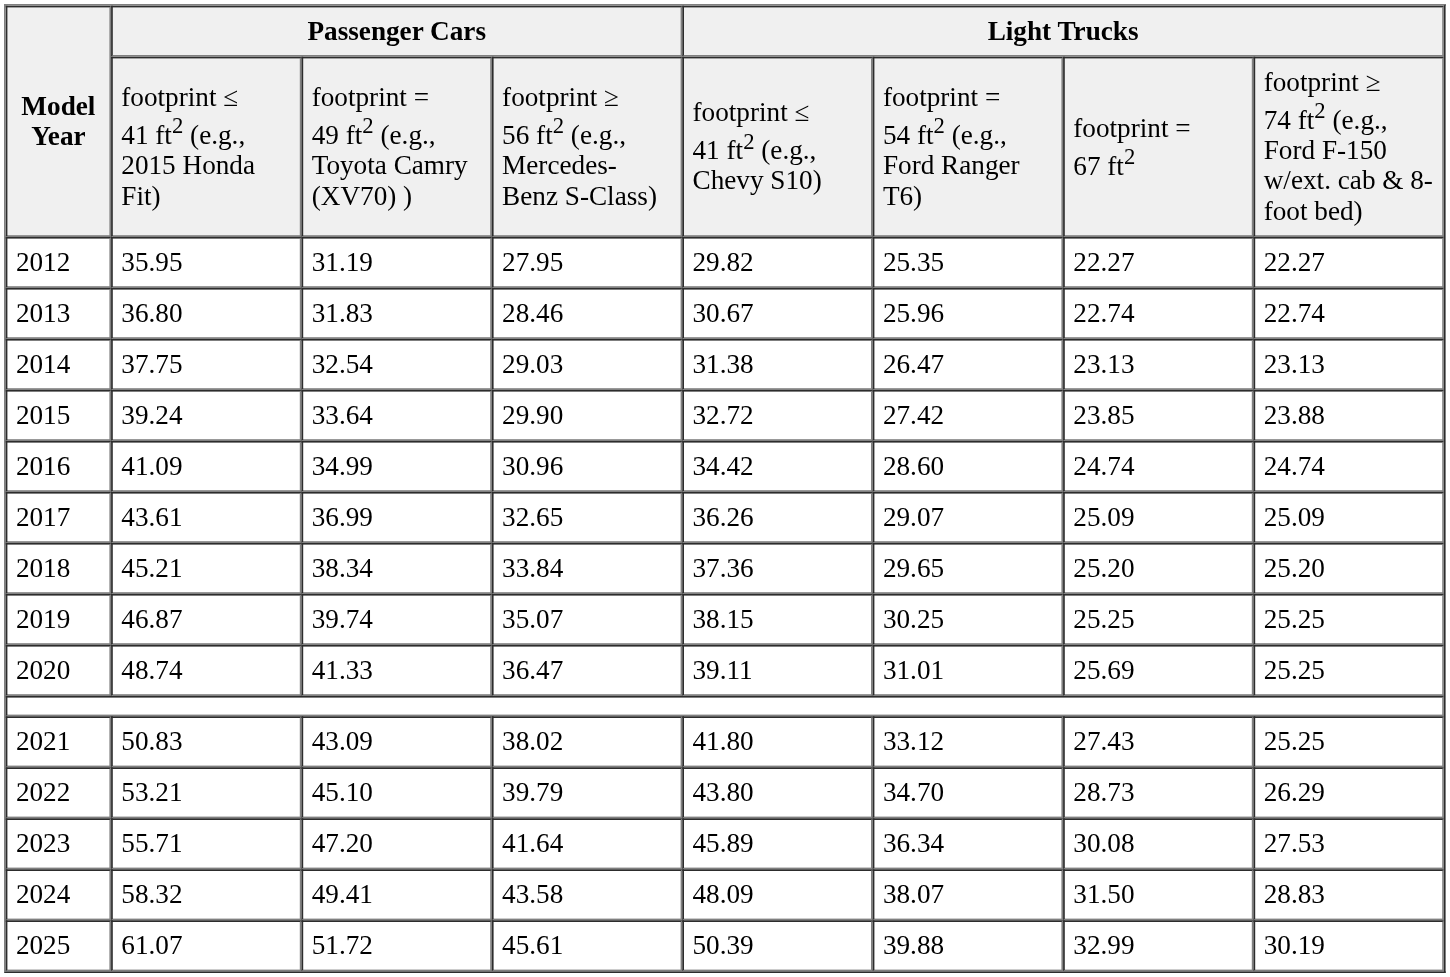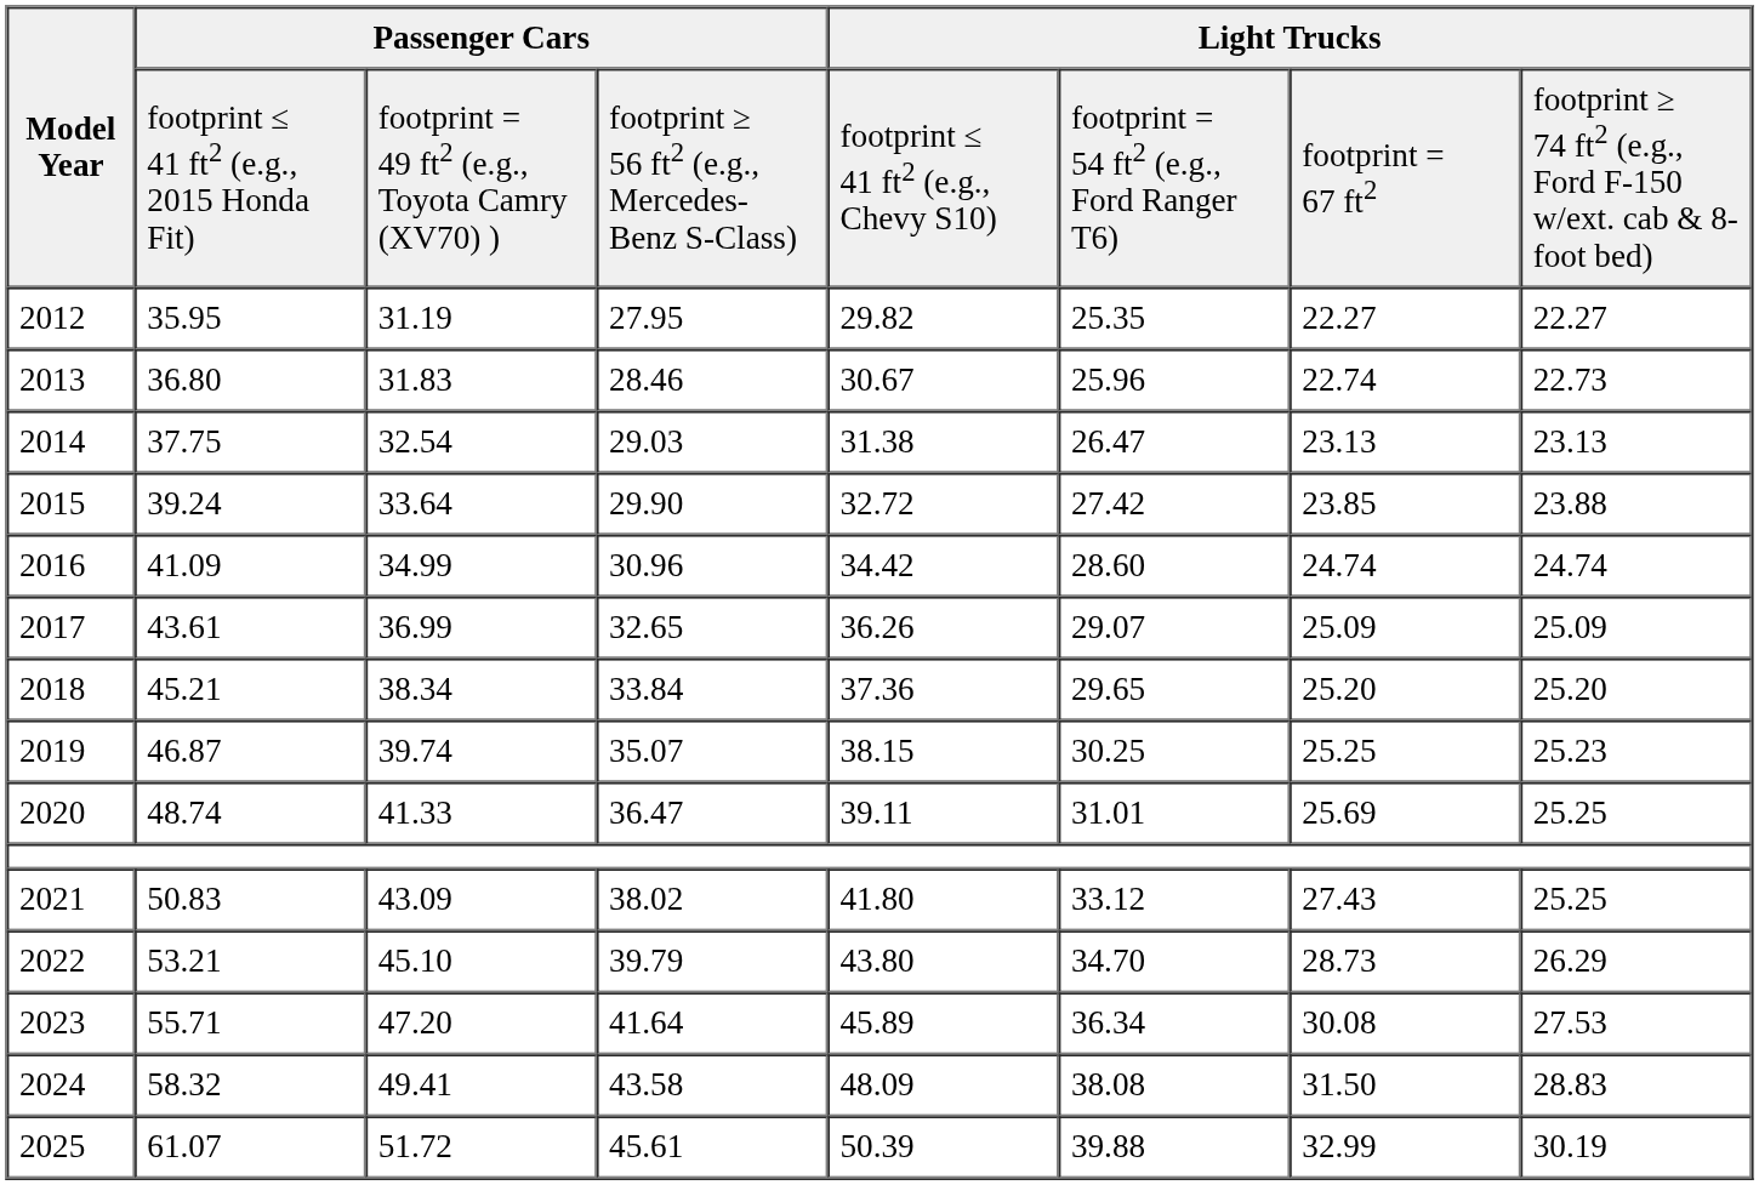 <table border="1" cellspacing="0" cellpadding="5">
 <tr>
 <td style="width:50px; text-align:center; background:#f0f0f0;" rowspan="2"><strong>Model Year</strong></td>
 <td style="width:50px; text-align:center; background:#f0f0f0;" colspan="3"><strong>Passenger Cars</strong></td>
 <td style="width:150px; text-align:center; background:#f0f0f0;" colspan="4"><strong>Light Trucks</strong></td>
 </tr>
 <tr style="background:#f0f0f0;">
 <td style="width:100px;">footprint ≤ 41 ft<sup>2</sup> (e.g., 2015 Honda Fit)</td>
 <td style="width:100px;">footprint = 49 ft<sup>2</sup> (e.g., Toyota Camry (XV70) )</td>
 <td style="width:100px;">footprint ≥ 56 ft<sup>2</sup> (e.g., Mercedes-Benz S-Class)</td>
 <td style="width:100px;">footprint ≤ 41 ft<sup>2</sup> (e.g., Chevy S10)</td>
 <td style="width:100px;">footprint = 54 ft<sup>2</sup> (e.g., Ford Ranger T6)</td>
 <td style="width:100px;">footprint = 67 ft<sup>2</sup></td>
 <td style="width:100px;">footprint ≥ 74 ft<sup>2</sup> (e.g., Ford F-150 w/ext. cab & 8-foot bed)</td>
 </tr>
 <tr>
 <td>2012</td>
 <td>35.95</td>
 <td>31.19</td>
 <td>27.95</td>
 <td>29.82</td>
 <td>25.35</td>
 <td>22.27</td>
 <td>22.27</td>
 </tr>
 <tr>
 <td>2013</td>
 <td>36.80</td>
 <td>31.83</td>
 <td>28.46</td>
 <td>30.67</td>
 <td>25.96</td>
 <td>22.74</td>
-<td>22.74</td>
+<td>22.73</td>
 </tr>
 <tr>
 <td>2014</td>
 <td>37.75</td>
 <td>32.54</td>
 <td>29.03</td>
 <td>31.38</td>
 <td>26.47</td>
 <td>23.13</td>
 <td>23.13</td>
 </tr>
 <tr>
 <td>2015</td>
 <td>39.24</td>
 <td>33.64</td>
 <td>29.90</td>
 <td>32.72</td>
 <td>27.42</td>
 <td>23.85</td>
 <td>23.88</td>
 </tr>
 <tr>
 <td>2016</td>
 <td>41.09</td>
 <td>34.99</td>
 <td>30.96</td>
 <td>34.42</td>
 <td>28.60</td>
 <td>24.74</td>
 <td>24.74</td>
 </tr>
 <tr>
 <td>2017</td>
 <td>43.61</td>
 <td>36.99</td>
 <td>32.65</td>
 <td>36.26</td>
 <td>29.07</td>
 <td>25.09</td>
 <td>25.09</td>
 </tr>
 <tr>
 <td>2018</td>
 <td>45.21</td>
 <td>38.34</td>
 <td>33.84</td>
 <td>37.36</td>
 <td>29.65</td>
 <td>25.20</td>
 <td>25.20</td>
 </tr>
 <tr>
 <td>2019</td>
 <td>46.87</td>
 <td>39.74</td>
 <td>35.07</td>
 <td>38.15</td>
 <td>30.25</td>
 <td>25.25</td>
-<td>25.25</td>
+<td>25.23</td>
 </tr>
 <tr>
 <td>2020</td>
 <td>48.74</td>
 <td>41.33</td>
 <td>36.47</td>
 <td>39.11</td>
 <td>31.01</td>
 <td>25.69</td>
 <td>25.25</td>
 </tr>
 <tr>
 <td colspan="8"></td>
 </tr>
 <tr>
 <td>2021</td>
 <td>50.83</td>
 <td>43.09</td>
 <td>38.02</td>
 <td>41.80</td>
 <td>33.12</td>
 <td>27.43</td>
 <td>25.25</td>
 </tr>
 <tr>
 <td>2022</td>
 <td>53.21</td>
 <td>45.10</td>
 <td>39.79</td>
 <td>43.80</td>
 <td>34.70</td>
 <td>28.73</td>
 <td>26.29</td>
 </tr>
 <tr>
 <td>2023</td>
 <td>55.71</td>
 <td>47.20</td>
 <td>41.64</td>
 <td>45.89</td>
 <td>36.34</td>
 <td>30.08</td>
 <td>27.53</td>
 </tr>
 <tr>
 <td>2024</td>
 <td>58.32</td>
 <td>49.41</td>
 <td>43.58</td>
 <td>48.09</td>
-<td>38.07</td>
+<td>38.08</td>
 <td>31.50</td>
 <td>28.83</td>
 </tr>
 <tr>
 <td>2025</td>
 <td>61.07</td>
 <td>51.72</td>
 <td>45.61</td>
 <td>50.39</td>
 <td>39.88</td>
 <td>32.99</td>
 <td>30.19</td>
 </tr>
 </table>
